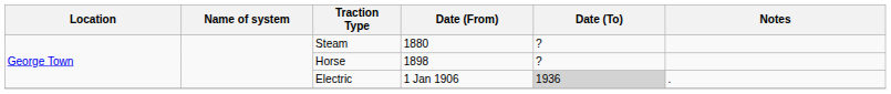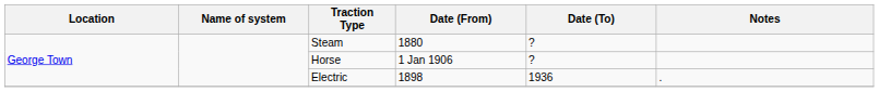 <table class="wikitable" width=100%>
 <tr>
 <th width=20%>Location</th>
 <th width=15%>Name of system</th>
 <th width=10%>Traction<br>Type</th>
 <th width=15%>Date (From)</th>
 <th width=15%>Date (To)</th>
 <th width=25%>Notes</th>
 </tr>
 <tr>
 <td rowspan="3"><a href='#'>George Town</a></td>
 <td rowspan="3"> </td>
 <td>Steam</td>
 <td>1880</td>
 <td>?</td>
 <td> </td>
 </tr>
 <tr>
 <td>Horse</td>
-<td>1898</td>
+<td>1 Jan 1906</td>
 <td>?</td>
 <td> </td>
 </tr>
 <tr>
 <td>Electric</td>
-<td>1 Jan 1906</td>
-<td style="background: lightgrey;">1936</td>
+<td>1898</td>
+<td>1936</td>
 <td>.</td>
 </tr>
 <tr>
 </tr>
 </table>
